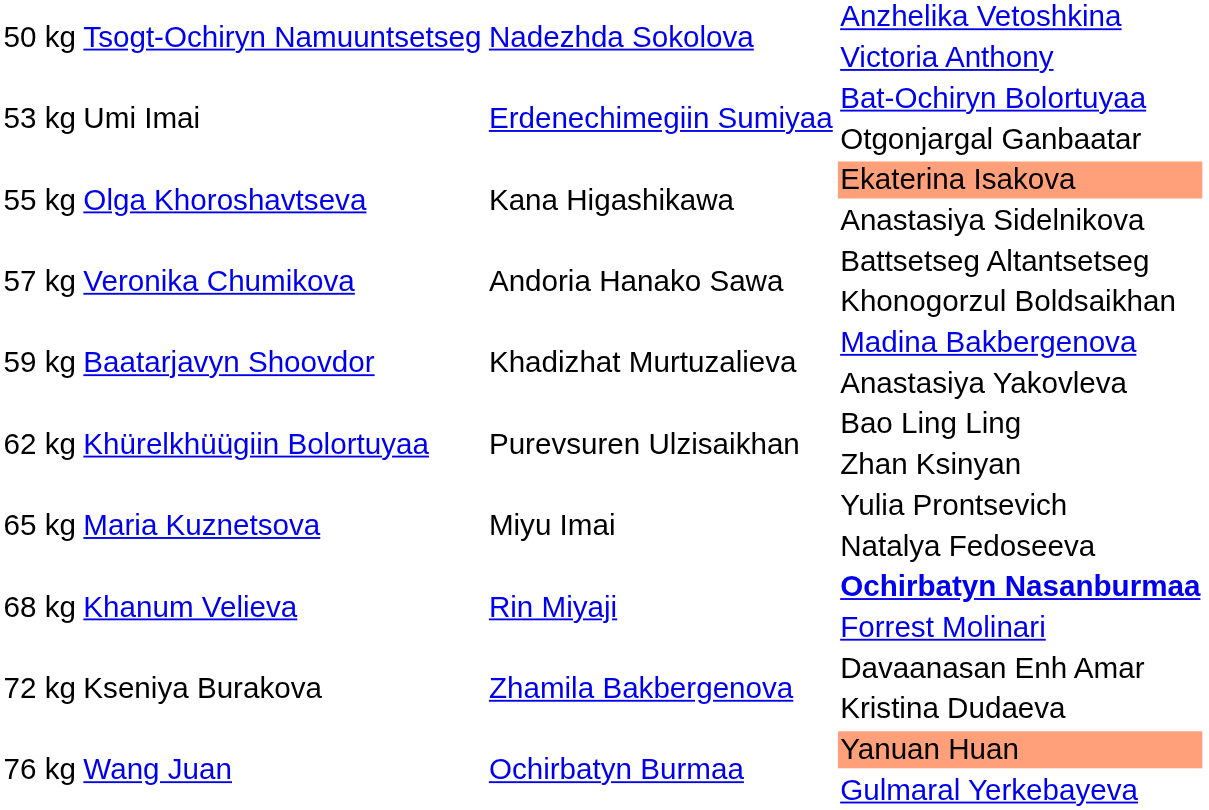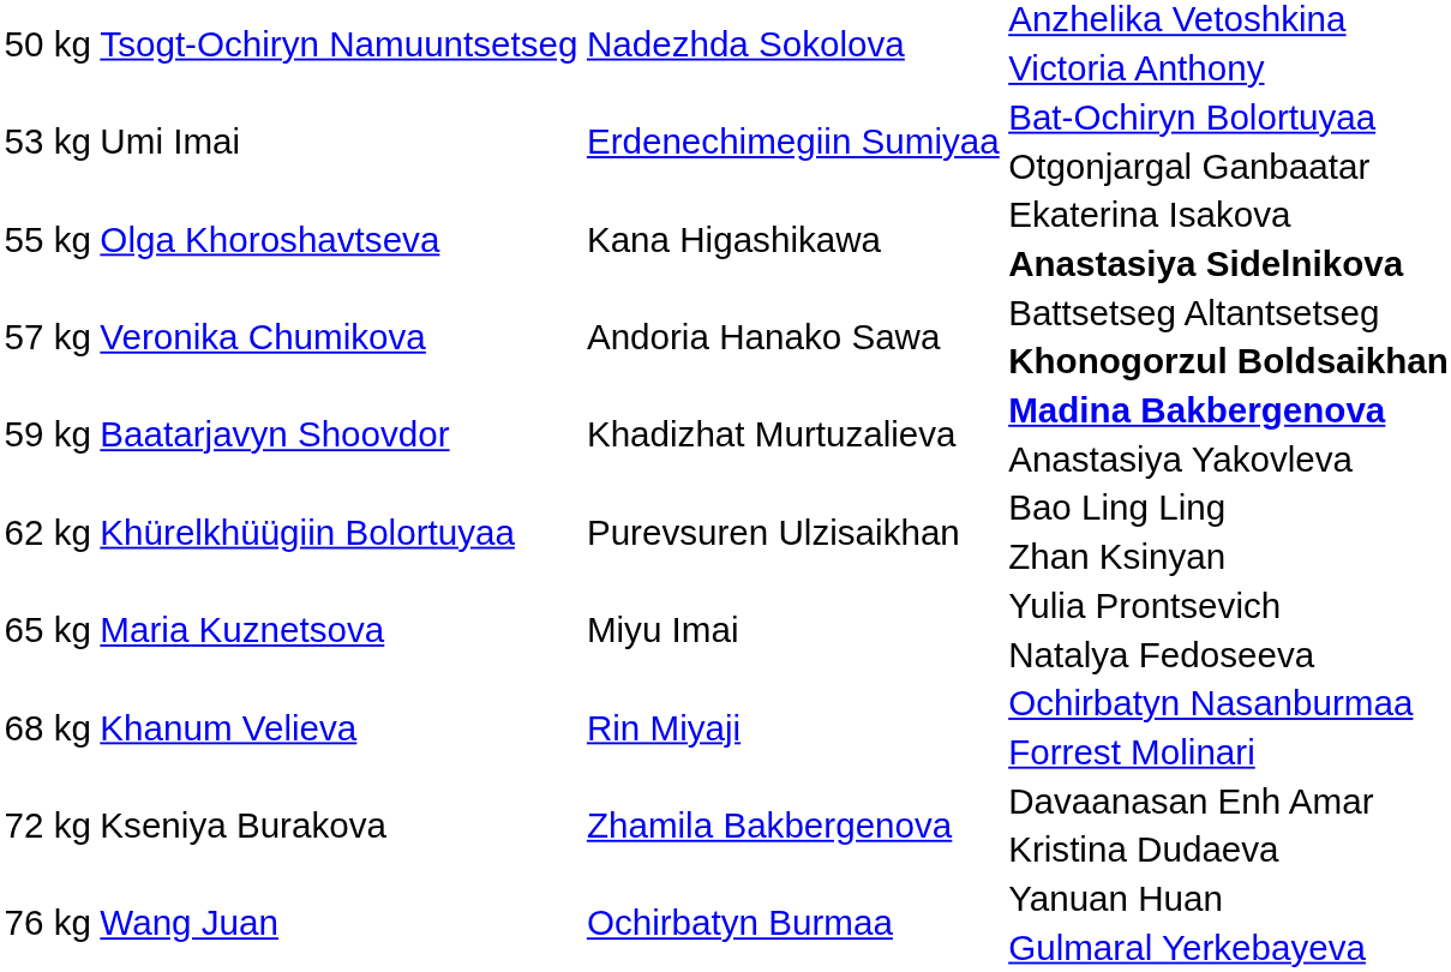 <table>
 <tr>
 <td rowspan=2>50 kg<br></td>
 <td rowspan=2> <a href='#'>Tsogt-Ochiryn Namuuntsetseg</a></td>
 <td rowspan=2> <a href='#'>Nadezhda Sokolova</a></td>
 <td> <a href='#'>Anzhelika Vetoshkina</a></td>
 </tr>
 <tr>
 <td> <a href='#'>Victoria Anthony</a></td>
 </tr>
 <tr>
 <td rowspan=2>53 kg<br></td>
 <td rowspan=2> Umi Imai</td>
 <td rowspan=2> <a href='#'>Erdenechimegiin Sumiyaa</a></td>
 <td> <a href='#'>Bat-Ochiryn Bolortuyaa</a></td>
 </tr>
 <tr>
 <td> Otgonjargal Ganbaatar</td>
 </tr>
 <tr>
 <td rowspan=2>55 kg<br></td>
 <td rowspan=2> <a href='#'>Olga Khoroshavtseva</a></td>
 <td rowspan=2> Kana Higashikawa</td>
-<td style="background: lightsalmon;"> Ekaterina Isakova</td>
+<td> Ekaterina Isakova</td>
 </tr>
 <tr>
-<td> Anastasiya Sidelnikova</td>
+<td><strong> Anastasiya Sidelnikova</strong></td>
 </tr>
 <tr>
 <td rowspan=2>57 kg<br></td>
 <td rowspan=2> <a href='#'>Veronika Chumikova</a></td>
 <td rowspan=2> Andoria Hanako Sawa</td>
 <td> Battsetseg Altantsetseg</td>
 </tr>
 <tr>
-<td> Khonogorzul Boldsaikhan</td>
+<td><strong> Khonogorzul Boldsaikhan</strong></td>
 </tr>
 <tr>
 <td rowspan=2>59 kg<br></td>
 <td rowspan=2> <a href='#'>Baatarjavyn Shoovdor</a></td>
 <td rowspan=2> Khadizhat Murtuzalieva</td>
-<td> <a href='#'>Madina Bakbergenova</a></td>
+<td><strong> <a href='#'>Madina Bakbergenova</a></strong></td>
 </tr>
 <tr>
 <td> Anastasiya Yakovleva</td>
 </tr>
 <tr>
 <td rowspan=2>62 kg<br></td>
 <td rowspan=2> <a href='#'>Khürelkhüügiin Bolortuyaa</a></td>
 <td rowspan=2> Purevsuren Ulzisaikhan</td>
 <td> Bao Ling Ling</td>
 </tr>
 <tr>
 <td> Zhan Ksinyan</td>
 </tr>
 <tr>
 <td rowspan=2>65 kg<br></td>
 <td rowspan=2> <a href='#'>Maria Kuznetsova</a></td>
 <td rowspan=2> Miyu Imai</td>
 <td> Yulia Prontsevich</td>
 </tr>
 <tr>
 <td> Natalya Fedoseeva</td>
 </tr>
 <tr>
 <td rowspan=2>68 kg<br></td>
 <td rowspan=2> <a href='#'>Khanum Velieva</a></td>
 <td rowspan=2> <a href='#'>Rin Miyaji</a></td>
-<td><strong> <a href='#'>Ochirbatyn Nasanburmaa</a></strong></td>
+<td> <a href='#'>Ochirbatyn Nasanburmaa</a></td>
 </tr>
 <tr>
 <td> <a href='#'>Forrest Molinari</a></td>
 </tr>
 <tr>
 <td rowspan=2>72 kg<br></td>
 <td rowspan=2> Kseniya Burakova</td>
 <td rowspan=2> <a href='#'>Zhamila Bakbergenova</a></td>
 <td> Davaanasan Enh Amar</td>
 </tr>
 <tr>
 <td> Kristina Dudaeva</td>
 </tr>
 <tr>
 <td rowspan=2>76 kg<br></td>
 <td rowspan=2> <a href='#'>Wang Juan</a></td>
 <td rowspan=2> <a href='#'>Ochirbatyn Burmaa</a></td>
-<td style="background: lightsalmon;"> Yanuan Huan</td>
+<td> Yanuan Huan</td>
 </tr>
 <tr>
 <td> <a href='#'>Gulmaral Yerkebayeva</a></td>
 </tr>
 </table>
